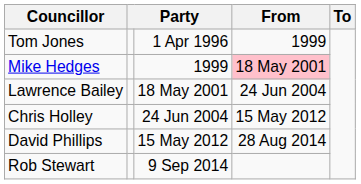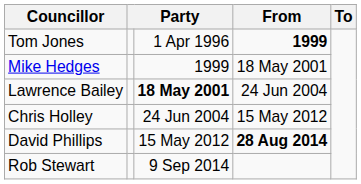 <table class=wikitable>
 <tr>
 <th>Councillor</th>
 <th colspan=2>Party</th>
 <th>From</th>
 <th>To</th>
 </tr>
 <tr>
 <td>Tom Jones</td>
 <td></td>
 <td align=right>1 Apr 1996</td>
-<td align=right>1999</td>
+<td align=right><strong>1999</strong></td>
 </tr>
 <tr>
 <td><a href='#'>Mike Hedges</a></td>
 <td></td>
 <td align=right>1999</td>
-<td align=right style="background: pink;">18 May 2001</td>
+<td align=right>18 May 2001</td>
 </tr>
 <tr>
 <td>Lawrence Bailey</td>
 <td></td>
-<td align=right>18 May 2001</td>
+<td align=right><strong>18 May 2001</strong></td>
 <td align=right>24 Jun 2004</td>
 </tr>
 <tr>
 <td>Chris Holley</td>
 <td></td>
 <td align=right>24 Jun 2004</td>
 <td align=right>15 May 2012</td>
 </tr>
 <tr>
 <td>David Phillips</td>
 <td></td>
 <td align=right>15 May 2012</td>
-<td align=right>28 Aug 2014</td>
+<td align=right><strong>28 Aug 2014</strong></td>
 </tr>
 <tr>
 <td>Rob Stewart</td>
 <td></td>
 <td align=right>9 Sep 2014</td>
 <td align=right></td>
 </tr>
 </table>
